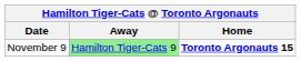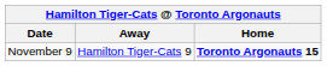 <table class="wikitable">
 <tr>
 <th colspan="3"><a href='#'>Hamilton Tiger-Cats</a> @ <a href='#'>Toronto Argonauts</a></th>
 </tr>
 <tr>
 <th>Date</th>
 <th>Away</th>
 <th>Home</th>
 </tr>
 <tr>
 <td>November 9</td>
-<td style="background: lightgreen;"><a href='#'>Hamilton Tiger-Cats</a> 9</td>
+<td><a href='#'>Hamilton Tiger-Cats</a> 9</td>
 <td><strong><a href='#'>Toronto Argonauts</a> 15</strong></td>
 </tr>
 </table>
